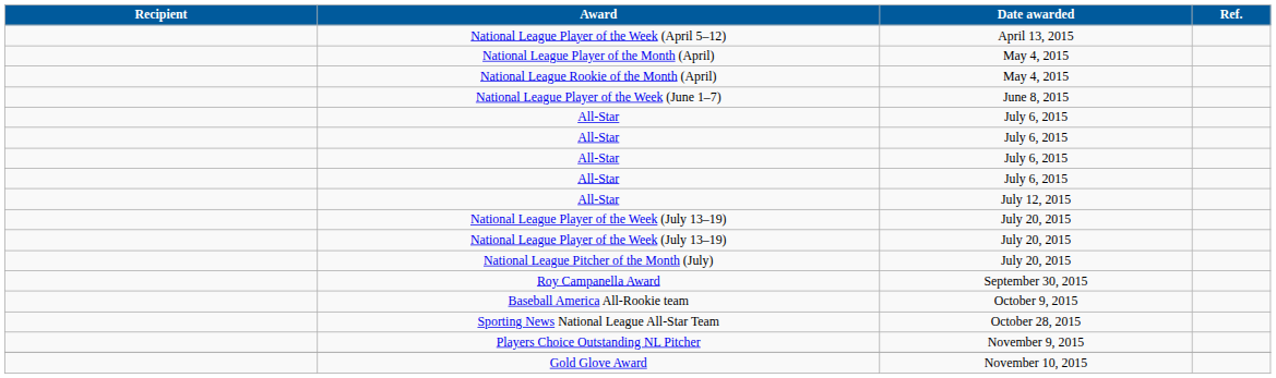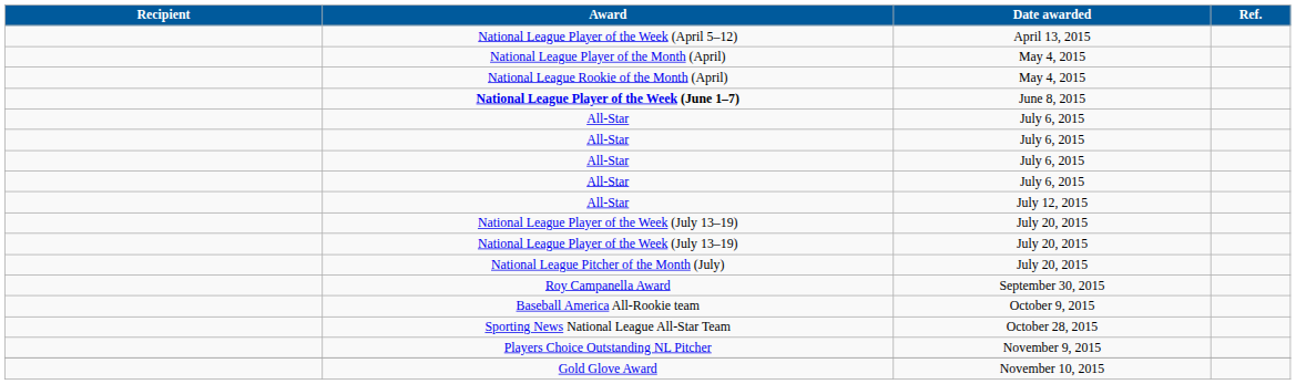 <table class="wikitable sortable collapsible" style="text-align:center">
 <tr>
 <th style="background:#005A9C; color:#FFF" width="5%">Recipient</th>
 <th style="background:#005A9C; color:#FFF" width="9%">Award</th>
 <th style="background:#005A9C; color:#FFF" width="5%">Date awarded</th>
 <th style="background:#005A9C; color:#FFF" width="1%" class="unsortable">Ref.</th>
 </tr>
 <tr>
 <td></td>
 <td><a href='#'>National League Player of the Week</a> (April 5–12)</td>
 <td>April 13, 2015</td>
 <td></td>
 </tr>
 <tr>
 <td></td>
 <td><a href='#'>National League Player of the Month</a> (April)</td>
 <td>May 4, 2015</td>
 <td></td>
 </tr>
 <tr>
 <td></td>
 <td><a href='#'>National League Rookie of the Month</a> (April)</td>
 <td>May 4, 2015</td>
 <td></td>
 </tr>
 <tr>
 <td></td>
-<td><a href='#'>National League Player of the Week</a> (June 1–7)</td>
+<td><strong><a href='#'>National League Player of the Week</a> (June 1–7)</strong></td>
 <td>June 8, 2015</td>
 <td></td>
 </tr>
 <tr>
 <td></td>
 <td><a href='#'>All-Star</a></td>
 <td>July 6, 2015</td>
 <td></td>
 </tr>
 <tr>
 <td></td>
 <td><a href='#'>All-Star</a></td>
 <td>July 6, 2015</td>
 <td></td>
 </tr>
 <tr>
 <td></td>
 <td><a href='#'>All-Star</a></td>
 <td>July 6, 2015</td>
 <td></td>
 </tr>
 <tr>
 <td></td>
 <td><a href='#'>All-Star</a></td>
 <td>July 6, 2015</td>
 <td></td>
 </tr>
 <tr>
 <td></td>
 <td><a href='#'>All-Star</a></td>
 <td>July 12, 2015</td>
 <td></td>
 </tr>
 <tr>
 <td></td>
 <td><a href='#'>National League Player of the Week</a> (July 13–19)</td>
 <td>July 20, 2015</td>
 <td></td>
 </tr>
 <tr>
 <td></td>
 <td><a href='#'>National League Player of the Week</a> (July 13–19)</td>
 <td>July 20, 2015</td>
 <td></td>
 </tr>
 <tr>
 <td></td>
 <td><a href='#'>National League Pitcher of the Month</a> (July)</td>
 <td>July 20, 2015</td>
 <td></td>
 </tr>
 <tr>
 <td></td>
 <td><a href='#'>Roy Campanella Award</a></td>
 <td>September 30, 2015</td>
 <td></td>
 </tr>
 <tr>
 <td></td>
 <td><a href='#'>Baseball America</a> All-Rookie team</td>
 <td>October 9, 2015</td>
 <td></td>
 </tr>
 <tr>
 <td></td>
 <td><a href='#'>Sporting News</a> National League All-Star Team</td>
 <td>October 28, 2015</td>
 <td></td>
 </tr>
 <tr>
 <td></td>
 <td><a href='#'>Players Choice Outstanding NL Pitcher</a></td>
 <td>November 9, 2015</td>
 <td></td>
 </tr>
 <tr>
 </tr>
 <tr>
 <td></td>
 <td><a href='#'>Gold Glove Award</a></td>
 <td>November 10, 2015</td>
 <td></td>
 </tr>
 </table>
